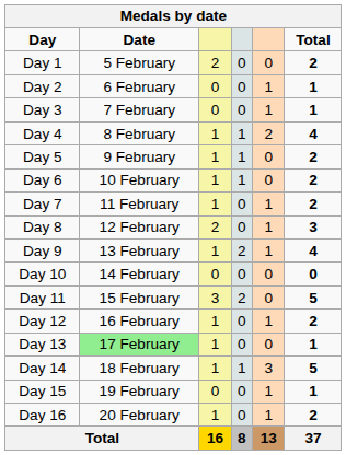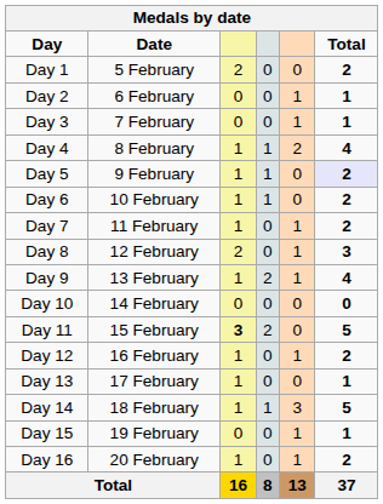 <table class="wikitable" style="font-size:85%; float:right; clear:right; min-width:308px">
 <tr bgcolor=efefef>
 <th colspan=6>Medals by date</th>
 </tr>
 <tr align=center>
 <td><strong>Day</strong></td>
 <td><strong>Date</strong></td>
 <td bgcolor=#f7f6a8></td>
 <td bgcolor=#dce5e5></td>
 <td bgcolor=#ffdab9></td>
 <td><strong>Total</strong></td>
 </tr>
 <tr>
 </tr>
 <tr align=center>
 <td>Day 1</td>
 <td>5 February</td>
 <td bgcolor=F7F6A8>2</td>
 <td bgcolor=DCE5E5>0</td>
 <td bgcolor=FFDAB9>0</td>
 <td><strong>2</strong></td>
 </tr>
 <tr>
 </tr>
 <tr align=center>
 <td>Day 2</td>
 <td>6 February</td>
 <td bgcolor=F7F6A8>0</td>
 <td bgcolor=DCE5E5>0</td>
 <td bgcolor=FFDAB9>1</td>
 <td><strong>1</strong></td>
 </tr>
 <tr>
 </tr>
 <tr align=center>
 <td>Day 3</td>
 <td>7 February</td>
 <td bgcolor=F7F6A8>0</td>
 <td bgcolor=DCE5E5>0</td>
 <td bgcolor=FFDAB9>1</td>
 <td><strong>1</strong></td>
 </tr>
 <tr>
 </tr>
 <tr align=center>
 <td>Day 4</td>
 <td>8 February</td>
 <td bgcolor=F7F6A8>1</td>
 <td bgcolor=DCE5E5>1</td>
 <td bgcolor=FFDAB9>2</td>
 <td><strong>4</strong></td>
 </tr>
 <tr>
 </tr>
 <tr align=center>
 <td>Day 5</td>
 <td>9 February</td>
 <td bgcolor=F7F6A8>1</td>
 <td bgcolor=DCE5E5>1</td>
 <td bgcolor=FFDAB9>0</td>
-<td><strong>2</strong></td>
+<td style="background: lavender;"><strong>2</strong></td>
 </tr>
 <tr>
 </tr>
 <tr align=center>
 <td>Day 6</td>
 <td>10 February</td>
 <td bgcolor=F7F6A8>1</td>
 <td bgcolor=DCE5E5>1</td>
 <td bgcolor=FFDAB9>0</td>
 <td><strong>2</strong></td>
 </tr>
 <tr>
 </tr>
 <tr align=center>
 <td>Day 7</td>
 <td>11 February</td>
 <td bgcolor=F7F6A8>1</td>
 <td bgcolor=DCE5E5>0</td>
 <td bgcolor=FFDAB9>1</td>
 <td><strong>2</strong></td>
 </tr>
 <tr>
 </tr>
 <tr align=center>
 <td>Day 8</td>
 <td>12 February</td>
 <td bgcolor=F7F6A8>2</td>
 <td bgcolor=DCE5E5>0</td>
 <td bgcolor=FFDAB9>1</td>
 <td><strong>3</strong></td>
 </tr>
 <tr>
 </tr>
 <tr align=center>
 <td>Day 9</td>
 <td>13 February</td>
 <td bgcolor=F7F6A8>1</td>
 <td bgcolor=DCE5E5>2</td>
 <td bgcolor=FFDAB9>1</td>
 <td><strong>4</strong></td>
 </tr>
 <tr>
 </tr>
 <tr align=center>
 <td>Day 10</td>
 <td>14 February</td>
 <td bgcolor=F7F6A8>0</td>
 <td bgcolor=DCE5E5>0</td>
 <td bgcolor=FFDAB9>0</td>
 <td><strong>0</strong></td>
 </tr>
 <tr>
 </tr>
 <tr align=center>
 <td>Day 11</td>
 <td>15 February</td>
-<td bgcolor=F7F6A8>3</td>
+<td bgcolor=F7F6A8><strong>3</strong></td>
 <td bgcolor=DCE5E5>2</td>
 <td bgcolor=FFDAB9>0</td>
 <td><strong>5</strong></td>
 </tr>
 <tr>
 </tr>
 <tr align=center>
 <td>Day 12</td>
 <td>16 February</td>
 <td bgcolor=F7F6A8>1</td>
 <td bgcolor=DCE5E5>0</td>
 <td bgcolor=FFDAB9>1</td>
 <td><strong>2</strong></td>
 </tr>
 <tr>
 </tr>
 <tr align=center>
 <td>Day 13</td>
-<td style="background: lightgreen;">17 February</td>
+<td>17 February</td>
 <td bgcolor=F7F6A8>1</td>
 <td bgcolor=DCE5E5>0</td>
 <td bgcolor=FFDAB9>0</td>
 <td><strong>1</strong></td>
 </tr>
 <tr>
 </tr>
 <tr align=center>
 <td>Day 14</td>
 <td>18 February</td>
 <td bgcolor=F7F6A8>1</td>
 <td bgcolor=DCE5E5>1</td>
 <td bgcolor=FFDAB9>3</td>
 <td><strong>5</strong></td>
 </tr>
 <tr>
 </tr>
 <tr align=center>
 <td>Day 15</td>
 <td>19 February</td>
 <td bgcolor=F7F6A8>0</td>
 <td bgcolor=DCE5E5>0</td>
 <td bgcolor=FFDAB9>1</td>
 <td><strong>1</strong></td>
 </tr>
 <tr>
 </tr>
 <tr align=center>
 <td>Day 16</td>
 <td>20 February</td>
 <td bgcolor=F7F6A8>1</td>
 <td bgcolor=DCE5E5>0</td>
 <td bgcolor=FFDAB9>1</td>
 <td><strong>2</strong></td>
 </tr>
 <tr>
 <th colspan=2>Total</th>
 <th style="background:gold">16</th>
 <th style="background:silver">8</th>
 <th style="background:#c96">13</th>
 <th>37</th>
 </tr>
 </table>
